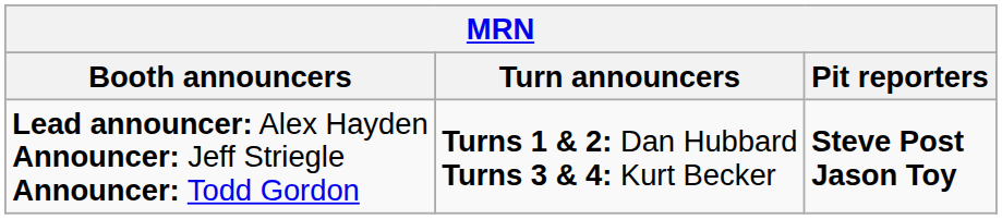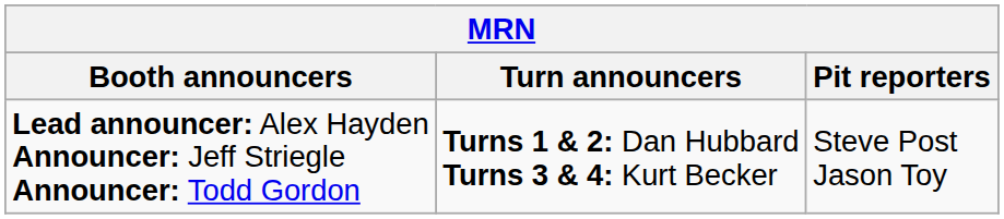 <table class="wikitable" style="font-size: 95%">
 <tr>
 <th colspan="3"><a href='#'>MRN</a></th>
 </tr>
 <tr>
 <th>Booth announcers</th>
 <th>Turn announcers</th>
 <th>Pit reporters</th>
 </tr>
 <tr>
 <td><strong>Lead announcer:</strong> Alex Hayden<br><strong>Announcer:</strong> Jeff Striegle<br><strong>Announcer:</strong> <a href='#'>Todd Gordon</a></td>
 <td><strong>Turns 1 & 2:</strong> Dan Hubbard<br><strong>Turns 3 & 4:</strong> Kurt Becker</td>
-<td><strong>Steve Post<br>Jason Toy</strong></td>
+<td>Steve Post<br>Jason Toy</td>
 </tr>
 </table>
